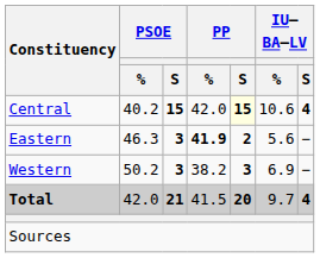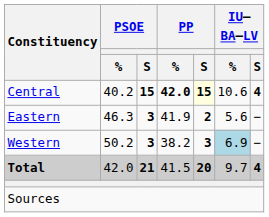 <table class="wikitable sortable" style="text-align:right; line-height:20px;">
 <tr>
 <th rowspan="3">Constituency</th>
 <th colspan="2" width="30px" class="unsortable"><a href='#'>PSOE</a></th>
 <th colspan="2" width="30px" class="unsortable"><a href='#'>PP</a></th>
 <th colspan="2" width="30px" class="unsortable"><a href='#'>IU</a>–<a href='#'>BA</a>–<a href='#'>LV</a></th>
 </tr>
 <tr>
 <th colspan="2" style="background:"></th>
 <th colspan="2" style="background:"></th>
 <th colspan="2" style="background:"></th>
 </tr>
 <tr>
 <th data-sort-type="number">%</th>
 <th data-sort-type="number">S</th>
 <th data-sort-type="number">%</th>
 <th data-sort-type="number">S</th>
 <th data-sort-type="number">%</th>
 <th data-sort-type="number">S</th>
 </tr>
 <tr>
 <td align="left"><a href='#'>Central</a></td>
 <td>40.2</td>
 <td><strong>15</strong></td>
-<td style="background:">42.0</td>
+<td style="background:"><strong>42.0</strong></td>
 <td style="background: lightyellow;"><strong>15</strong></td>
 <td>10.6</td>
 <td><strong>4</strong></td>
 </tr>
 <tr>
 <td align="left"><a href='#'>Eastern</a></td>
 <td style="background:">46.3</td>
 <td><strong>3</strong></td>
-<td><strong>41.9</strong></td>
+<td>41.9</td>
 <td><strong>2</strong></td>
 <td>5.6</td>
 <td>−</td>
 </tr>
 <tr>
 <td align="left"><a href='#'>Western</a></td>
 <td style="background:">50.2</td>
 <td><strong>3</strong></td>
 <td>38.2</td>
 <td><strong>3</strong></td>
-<td>6.9</td>
+<td style="background: lightblue;">6.9</td>
 <td>−</td>
 </tr>
 <tr style="background:#CDCDCD;">
 <td align="left"><strong>Total</strong></td>
 <td style="background:">42.0</td>
 <td><strong>21</strong></td>
 <td>41.5</td>
 <td><strong>20</strong></td>
 <td>9.7</td>
 <td><strong>4</strong></td>
 </tr>
 <tr>
 <th colspan="7"></th>
 </tr>
 <tr>
 <th style="text-align:left; font-weight:normal; background:#F9F9F9" colspan="7">Sources</th>
 </tr>
 </table>
